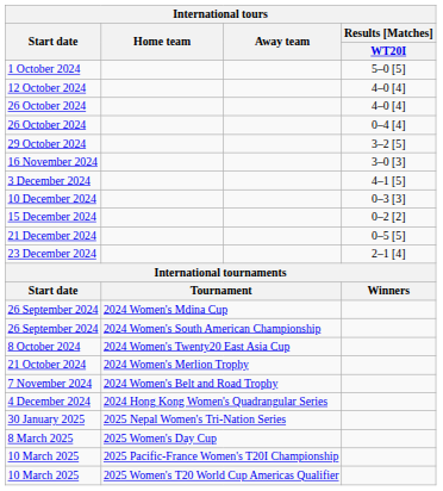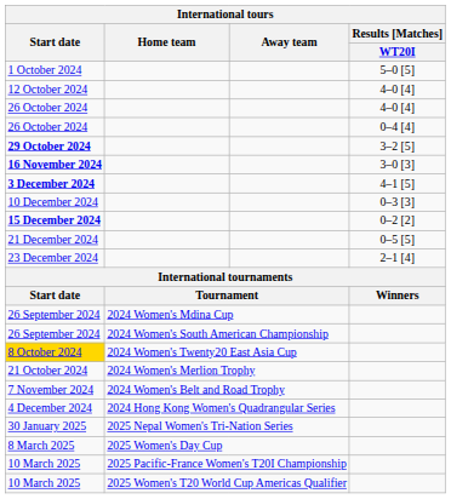 <table class="wikitable" style="text-align:center;">
 <tr>
 <th colspan=4>International tours</th>
 </tr>
 <tr>
 <th rowspan=2>Start date</th>
 <th rowspan=2>Home team</th>
 <th rowspan=2>Away team</th>
 <th>Results [Matches]</th>
 </tr>
 <tr>
 <th><a href='#'>WT20I</a></th>
 </tr>
 <tr>
 <td style="text-align:left"><a href='#'>1 October 2024</a></td>
 <td style="text-align:left"></td>
 <td style="text-align:left"></td>
 <td colspan=3>5–0 [5]</td>
 </tr>
 <tr>
 <td style="text-align:left"><a href='#'>12 October 2024</a></td>
 <td style="text-align:left"></td>
 <td style="text-align:left"></td>
 <td colspan=3>4–0 [4]</td>
 </tr>
 <tr>
 <td style="text-align:left"><a href='#'>26 October 2024</a></td>
 <td style="text-align:left"></td>
 <td style="text-align:left"></td>
 <td colspan=3>4–0 [4]</td>
 </tr>
 <tr>
 <td style="text-align:left"><a href='#'>26 October 2024</a></td>
 <td style="text-align:left"></td>
 <td style="text-align:left"></td>
 <td colspan=3>0–4 [4]</td>
 </tr>
 <tr>
-<td style="text-align:left"><a href='#'>29 October 2024</a></td>
+<td style="text-align:left"><strong><a href='#'>29 October 2024</a></strong></td>
 <td style="text-align:left"></td>
 <td style="text-align:left"></td>
 <td colspan=3>3–2 [5]</td>
 </tr>
 <tr>
-<td style="text-align:left"><a href='#'>16 November 2024</a></td>
+<td style="text-align:left"><strong><a href='#'>16 November 2024</a></strong></td>
 <td style="text-align:left"></td>
 <td style="text-align:left"></td>
 <td colspan=3>3–0 [3]</td>
 </tr>
 <tr>
-<td style="text-align:left"><a href='#'>3 December 2024</a></td>
+<td style="text-align:left"><strong><a href='#'>3 December 2024</a></strong></td>
 <td style="text-align:left"></td>
 <td style="text-align:left"></td>
 <td colspan=3>4–1 [5]</td>
 </tr>
 <tr>
 <td style="text-align:left"><a href='#'>10 December 2024</a></td>
 <td style="text-align:left"></td>
 <td style="text-align:left"></td>
 <td colspan=3>0–3 [3]</td>
 </tr>
 <tr>
-<td style="text-align:left"><a href='#'>15 December 2024</a></td>
+<td style="text-align:left"><strong><a href='#'>15 December 2024</a></strong></td>
 <td style="text-align:left"></td>
 <td style="text-align:left"></td>
 <td colspan=3>0–2 [2]</td>
 </tr>
 <tr>
 <td style="text-align:left"><a href='#'>21 December 2024</a></td>
 <td style="text-align:left"></td>
 <td style="text-align:left"></td>
 <td colspan=3>0–5 [5]</td>
 </tr>
 <tr>
 <td style="text-align:left"><a href='#'>23 December 2024</a></td>
 <td style="text-align:left"></td>
 <td style="text-align:left"></td>
 <td colspan=3>2–1 [4]</td>
 </tr>
 <tr>
 <th colspan=4>International tournaments</th>
 </tr>
 <tr>
 <th>Start date</th>
 <th colspan=2>Tournament</th>
 <th>Winners</th>
 </tr>
 <tr>
 <td style="text-align:left"><a href='#'>26 September 2024</a></td>
 <td style="text-align:left" colspan=2> <a href='#'>2024 Women's Mdina Cup</a></td>
 <td style="text-align:left"></td>
 </tr>
 <tr>
 <td style="text-align:left"><a href='#'>26 September 2024</a></td>
 <td style="text-align:left" colspan=2> <a href='#'>2024 Women's South American Championship</a></td>
 <td style="text-align:left"></td>
 </tr>
 <tr>
-<td style="text-align:left"><a href='#'>8 October 2024</a></td>
+<td style="background: gold; text-align:left"><a href='#'>8 October 2024</a></td>
 <td style="text-align:left" colspan=2> <a href='#'>2024 Women's Twenty20 East Asia Cup</a></td>
 <td style="text-align:left"></td>
 </tr>
 <tr>
 <td style="text-align:left"><a href='#'>21 October 2024</a></td>
 <td style="text-align:left" colspan=2> <a href='#'>2024 Women's Merlion Trophy</a></td>
 <td style="text-align:left"></td>
 </tr>
 <tr>
 <td style="text-align:left"><a href='#'>7 November 2024</a></td>
 <td style="text-align:left" colspan=2> <a href='#'>2024 Women's Belt and Road Trophy</a></td>
 <td style="text-align:left"></td>
 </tr>
 <tr>
 <td style="text-align:left"><a href='#'>4 December 2024</a></td>
 <td style="text-align:left" colspan=2> <a href='#'>2024 Hong Kong Women's Quadrangular Series</a></td>
 <td style="text-align:left"></td>
 </tr>
 <tr>
 <td style="text-align:left"><a href='#'>30 January 2025</a></td>
 <td style="text-align:left" colspan=2> <a href='#'>2025 Nepal Women's Tri-Nation Series</a></td>
 <td style="text-align:left"></td>
 </tr>
 <tr>
 <td style="text-align:left"><a href='#'>8 March 2025</a></td>
 <td style="text-align:left" colspan=2> <a href='#'>2025 Women's Day Cup</a></td>
 <td style="text-align:left"></td>
 </tr>
 <tr>
 <td style="text-align:left"><a href='#'>10 March 2025</a></td>
 <td style="text-align:left" colspan=2> <a href='#'>2025 Pacific-France Women's T20I Championship</a></td>
 <td style="text-align:left"></td>
 </tr>
 <tr>
 <td style="text-align:left"><a href='#'>10 March 2025</a></td>
 <td colspan="2" style="text-align:left"> <a href='#'>2025 Women's T20 World Cup Americas Qualifier</a></td>
 <td style="text-align:left"></td>
 </tr>
 </table>
